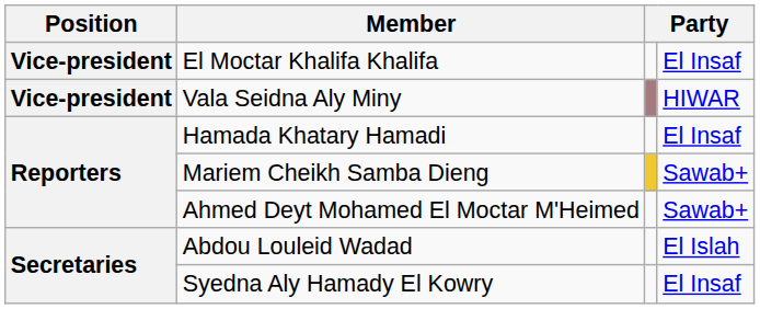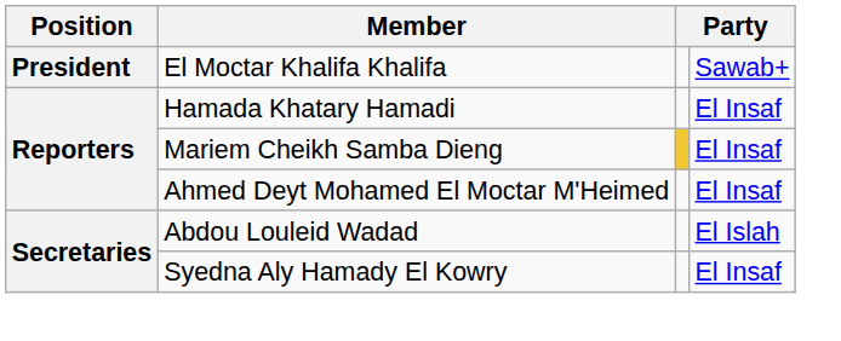 <table class="wikitable" style="text-align:left;font-size:95%;">
 <tr>
 <th>Position</th>
 <th>Member</th>
 <th colspan=2>Party</th>
 </tr>
 <tr>
-<th style="text-align:left;">Vice-president</th>
+<th style="text-align:left;">President</th>
 <td>El Moctar Khalifa Khalifa</td>
 <td width="1" style="color:inherit;background:"></td>
-<td style="text-align:left;"><a href='#'>El Insaf</a></td>
-</tr>
-<tr>
-<th style="text-align:left;">Vice-president</th>
-<td>Vala Seidna Aly Miny</td>
-<td width="1" style="color:inherit;background:#A47A7E;"></td>
-<td style="text-align:left;"><a href='#'>HIWAR</a></td>
+<td style="text-align:left;"><a href='#'>Sawab+</a></td>
 </tr>
 <tr>
 <th style="text-align:left;" rowspan=3>Reporters</th>
 <td>Hamada Khatary Hamadi</td>
 <td width="1" style="color:inherit;background:"></td>
 <td style="text-align:left;"><a href='#'>El Insaf</a></td>
 </tr>
 <tr>
 <td>Mariem Cheikh Samba Dieng</td>
 <td width="1" style="color:inherit;background:#F0C832;"></td>
-<td style="text-align:left;"><a href='#'>Sawab+</a></td>
+<td style="text-align:left;"><a href='#'>El Insaf</a></td>
 </tr>
 <tr>
 <td>Ahmed Deyt Mohamed El Moctar M'Heimed</td>
 <td width="1" style="color:inherit;background:"></td>
-<td style="text-align:left;"><a href='#'>Sawab+</a></td>
+<td style="text-align:left;"><a href='#'>El Insaf</a></td>
 </tr>
 <tr>
 <th style="text-align:left;" rowspan=2>Secretaries</th>
 <td>Abdou Louleid Wadad</td>
 <td width="1" style="color:inherit;background:"></td>
 <td style="text-align:left;"><a href='#'>El Islah</a></td>
 </tr>
 <tr>
 <td>Syedna Aly Hamady El Kowry</td>
 <td width="1" style="color:inherit;background:"></td>
 <td style="text-align:left;"><a href='#'>El Insaf</a></td>
 </tr>
 </table>
